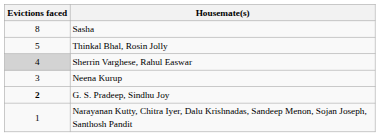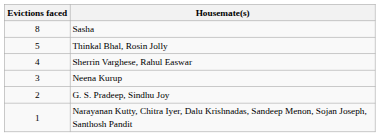 <table class="wikitable" style="text-align:center; font-size:95%; line-height:20px;">
 <tr>
 <th style="width:110px;">Evictions faced</th>
 <th style="width:580px;">Housemate(s)</th>
 </tr>
 <tr>
 <td>8</td>
 <td style="text-align:left;">Sasha</td>
 </tr>
 <tr>
 <td>5</td>
 <td style="text-align:left;">Thinkal Bhal, Rosin Jolly</td>
 </tr>
 <tr>
-<td style="background: lightgrey;">4</td>
+<td>4</td>
 <td style="text-align:left;">Sherrin Varghese, Rahul Easwar</td>
 </tr>
 <tr>
 <td>3</td>
 <td style="text-align:left;">Neena Kurup</td>
 </tr>
 <tr>
-<td><strong>2</strong></td>
+<td>2</td>
 <td style="text-align:left;">G. S. Pradeep, Sindhu Joy</td>
 </tr>
 <tr>
 <td>1</td>
 <td style="text-align:left;">Narayanan Kutty, Chitra Iyer, Dalu Krishnadas, Sandeep Menon, Sojan Joseph, Santhosh Pandit</td>
 </tr>
 </table>
